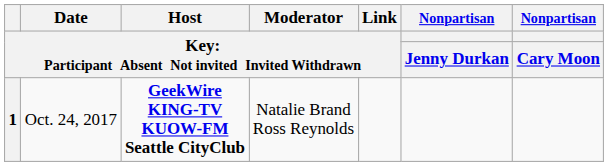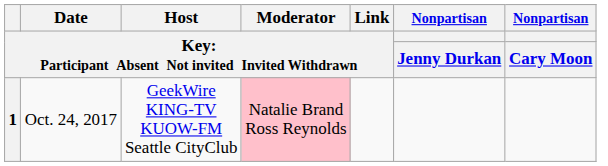 <table class="wikitable" style="text-align:center;">
 <tr>
 <th scope="col"></th>
 <th scope="col">Date</th>
 <th scope="col">Host</th>
 <th scope="col">Moderator</th>
 <th scope="col">Link</th>
 <th scope="col"><small> <a href='#'>Nonpartisan</a></small></th>
 <th scope="col"><small> <a href='#'>Nonpartisan</a></small></th>
 </tr>
 <tr>
 <th colspan="5" rowspan="2">Key:<br> <small>Participant </small>  <small>Absent </small>  <small>Not invited </small>  <small>Invited  Withdrawn</small></th>
 <th scope="col" style="background:"></th>
 <th scope="col" style="background:"></th>
 </tr>
 <tr>
 <th scope="col"><a href='#'>Jenny Durkan</a></th>
 <th scope="col"><a href='#'>Cary Moon</a></th>
 </tr>
 <tr>
 <th>1</th>
 <td style="white-space:nowrap;">Oct. 24, 2017</td>
-<td style="white-space:nowrap;"><strong><a href='#'>GeekWire</a><br><a href='#'>KING-TV</a><br><a href='#'>KUOW-FM</a><br>Seattle CityClub</strong></td>
-<td style="white-space:nowrap;">Natalie Brand<br>Ross Reynolds</td>
+<td style="white-space:nowrap;"><a href='#'>GeekWire</a><br><a href='#'>KING-TV</a><br><a href='#'>KUOW-FM</a><br>Seattle CityClub</td>
+<td style="background: pink; white-space:nowrap;">Natalie Brand<br>Ross Reynolds</td>
 <td style="white-space:nowrap;"></td>
 <td></td>
 <td></td>
 </tr>
 </table>
